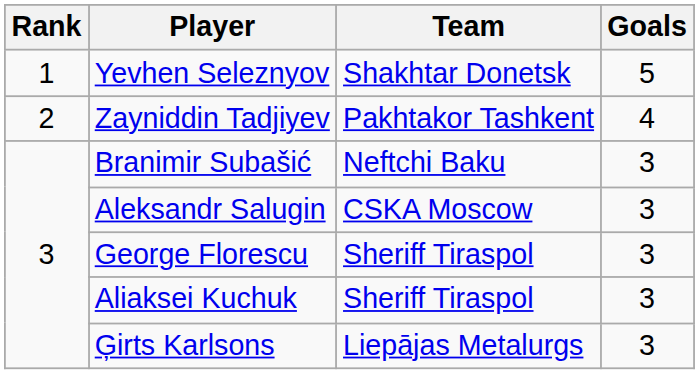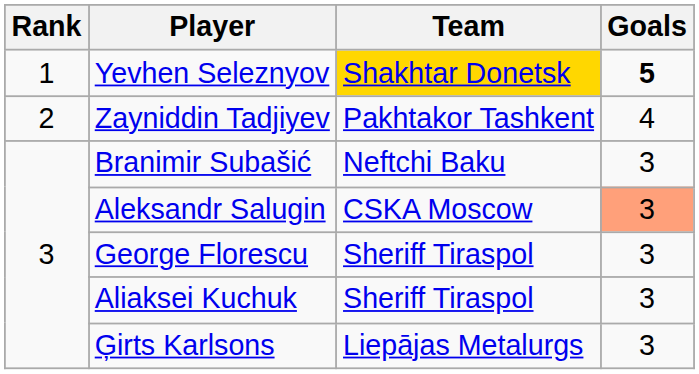 <table class="wikitable">
 <tr>
 <th>Rank</th>
 <th>Player</th>
 <th>Team</th>
 <th>Goals</th>
 </tr>
 <tr>
 <td align=center>1</td>
 <td> <a href='#'>Yevhen Seleznyov</a></td>
-<td> <a href='#'>Shakhtar Donetsk</a></td>
-<td align=center>5</td>
+<td style="background: gold;"> <a href='#'>Shakhtar Donetsk</a></td>
+<td align=center><strong>5</strong></td>
 </tr>
 <tr>
 <td align=center>2</td>
 <td> <a href='#'>Zayniddin Tadjiyev</a></td>
 <td> <a href='#'>Pakhtakor Tashkent</a></td>
 <td align=center>4</td>
 </tr>
 <tr>
 <td align=center rowspan="5">3</td>
 <td> <a href='#'>Branimir Subašić</a></td>
 <td> <a href='#'>Neftchi Baku</a></td>
 <td align=center>3</td>
 </tr>
 <tr>
 <td> <a href='#'>Aleksandr Salugin</a></td>
 <td> <a href='#'>CSKA Moscow</a></td>
-<td align=center>3</td>
+<td align=center style="background: lightsalmon;">3</td>
 </tr>
 <tr>
 <td> <a href='#'>George Florescu</a></td>
 <td> <a href='#'>Sheriff Tiraspol</a></td>
 <td align=center>3</td>
 </tr>
 <tr>
 <td> <a href='#'>Aliaksei Kuchuk</a></td>
 <td> <a href='#'>Sheriff Tiraspol</a></td>
 <td align=center>3</td>
 </tr>
 <tr>
 <td> <a href='#'>Ģirts Karlsons</a></td>
 <td> <a href='#'>Liepājas Metalurgs</a></td>
 <td align=center>3</td>
 </tr>
 </table>
